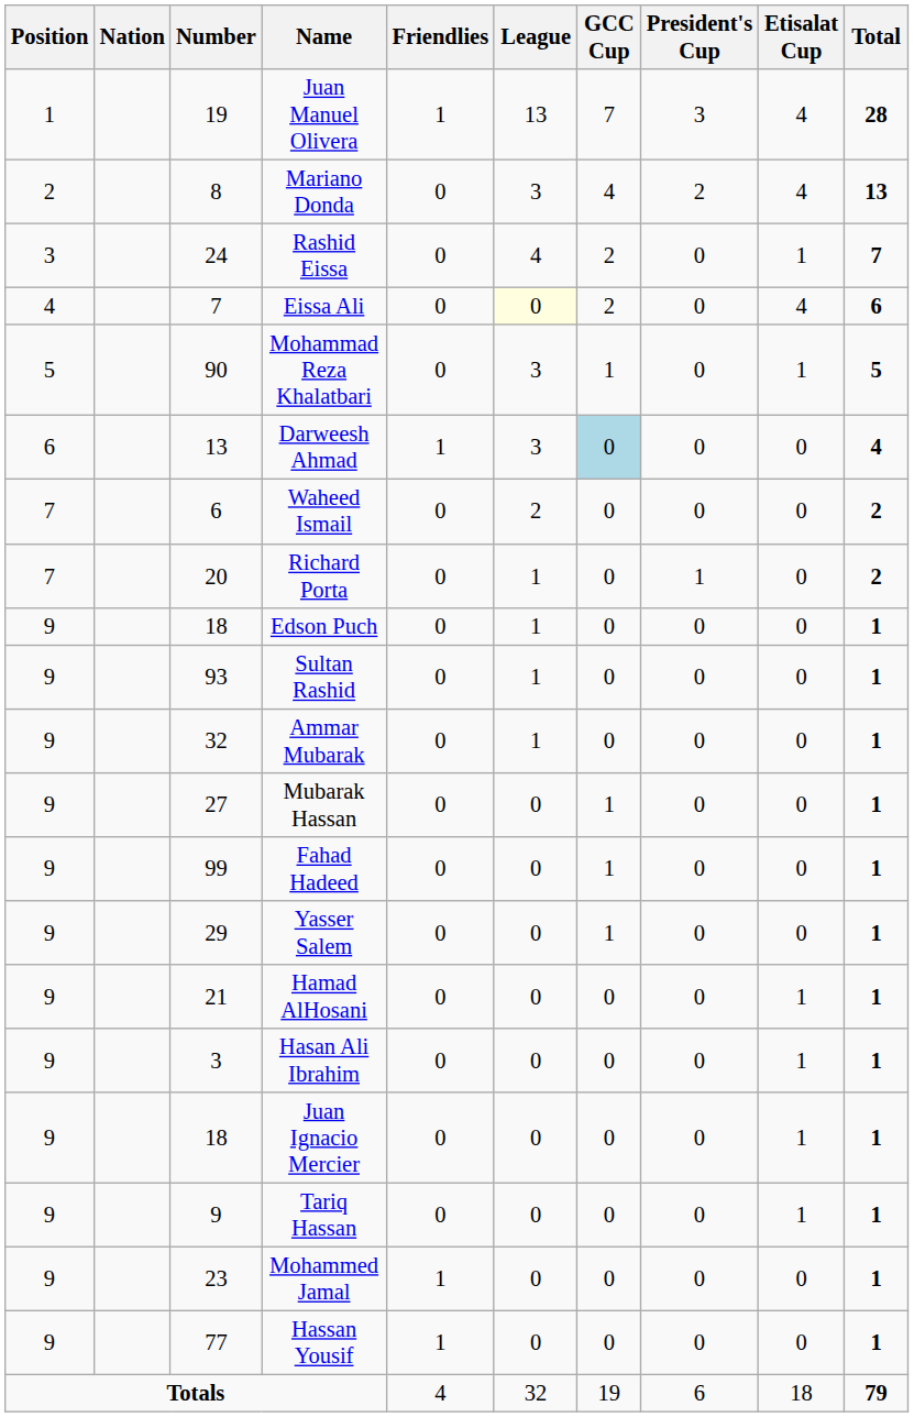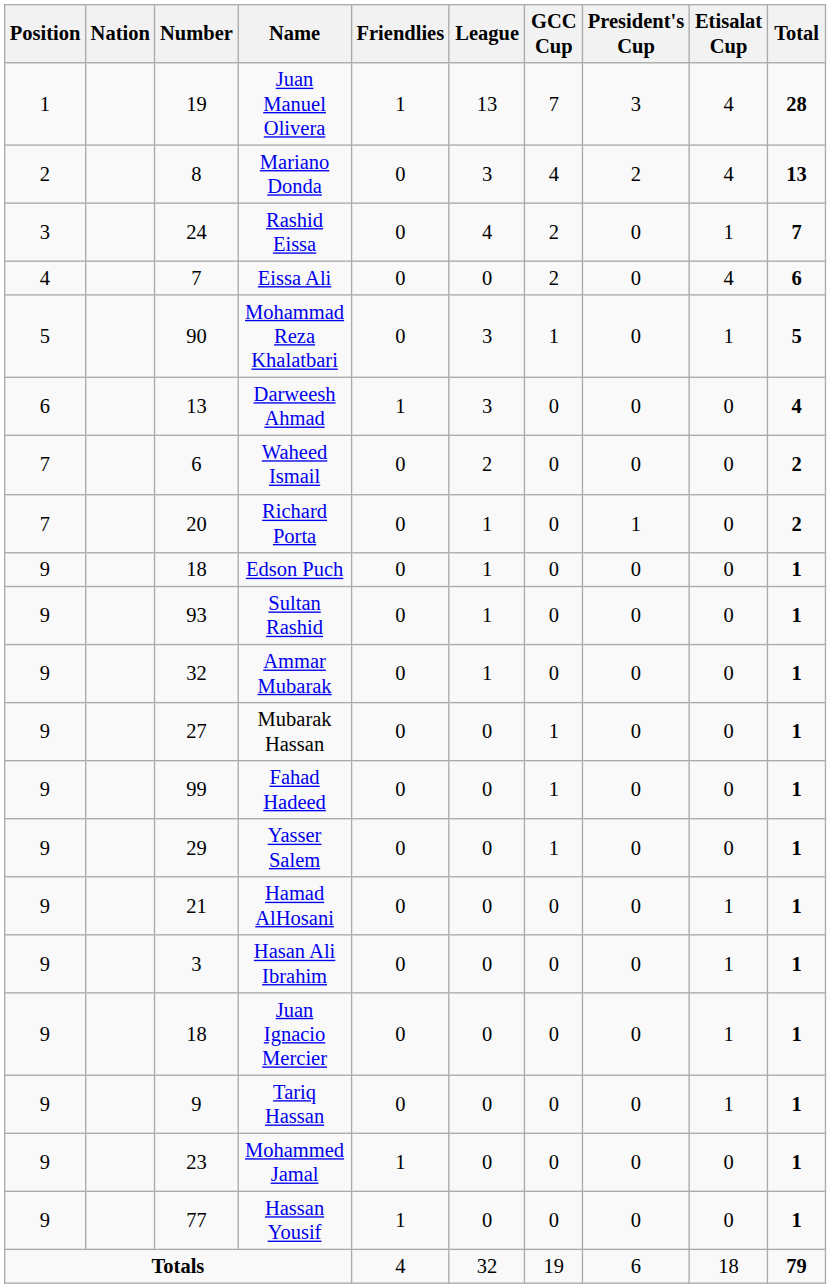 <table class="wikitable" style="font-size: 95%; text-align: center;">
 <tr>
 <th width=60>Position</th>
 <th width=60>Nation</th>
 <th width=60>Number</th>
 <th width=150>Name</th>
 <th width=80>Friendlies</th>
 <th width=80>League</th>
 <th width=80>GCC Cup</th>
 <th width=80>President's Cup</th>
 <th width=80>Etisalat Cup</th>
 <th width=80>Total</th>
 </tr>
 <tr>
 <td>1</td>
 <td></td>
 <td>19</td>
 <td><a href='#'>Juan Manuel Olivera</a></td>
 <td>1</td>
 <td>13</td>
 <td>7</td>
 <td>3</td>
 <td>4</td>
 <td><strong>28</strong></td>
 </tr>
 <tr>
 <td>2</td>
 <td></td>
 <td>8</td>
 <td><a href='#'>Mariano Donda</a></td>
 <td>0</td>
 <td>3</td>
 <td>4</td>
 <td>2</td>
 <td>4</td>
 <td><strong>13</strong></td>
 </tr>
 <tr>
 <td>3</td>
 <td></td>
 <td>24</td>
 <td><a href='#'>Rashid Eissa</a></td>
 <td>0</td>
 <td>4</td>
 <td>2</td>
 <td>0</td>
 <td>1</td>
 <td><strong>7</strong></td>
 </tr>
 <tr>
 <td>4</td>
 <td></td>
 <td>7</td>
 <td><a href='#'>Eissa Ali</a></td>
 <td>0</td>
-<td style="background: lightyellow;">0</td>
+<td>0</td>
 <td>2</td>
 <td>0</td>
 <td>4</td>
 <td><strong>6</strong></td>
 </tr>
 <tr>
 <td>5</td>
 <td></td>
 <td>90</td>
 <td><a href='#'>Mohammad Reza Khalatbari</a></td>
 <td>0</td>
 <td>3</td>
 <td>1</td>
 <td>0</td>
 <td>1</td>
 <td><strong>5</strong></td>
 </tr>
 <tr>
 <td>6</td>
 <td></td>
 <td>13</td>
 <td><a href='#'>Darweesh Ahmad</a></td>
 <td>1</td>
 <td>3</td>
-<td style="background: lightblue;">0</td>
+<td>0</td>
 <td>0</td>
 <td>0</td>
 <td><strong>4</strong></td>
 </tr>
 <tr>
 <td>7</td>
 <td></td>
 <td>6</td>
 <td><a href='#'>Waheed Ismail</a></td>
 <td>0</td>
 <td>2</td>
 <td>0</td>
 <td>0</td>
 <td>0</td>
 <td><strong>2</strong></td>
 </tr>
 <tr>
 <td>7</td>
 <td></td>
 <td>20</td>
 <td><a href='#'>Richard Porta</a></td>
 <td>0</td>
 <td>1</td>
 <td>0</td>
 <td>1</td>
 <td>0</td>
 <td><strong>2</strong></td>
 </tr>
 <tr>
 <td>9</td>
 <td></td>
 <td>18</td>
 <td><a href='#'>Edson Puch</a></td>
 <td>0</td>
 <td>1</td>
 <td>0</td>
 <td>0</td>
 <td>0</td>
 <td><strong>1</strong></td>
 </tr>
 <tr>
 <td>9</td>
 <td></td>
 <td>93</td>
 <td><a href='#'>Sultan Rashid</a></td>
 <td>0</td>
 <td>1</td>
 <td>0</td>
 <td>0</td>
 <td>0</td>
 <td><strong>1</strong></td>
 </tr>
 <tr>
 <td>9</td>
 <td></td>
 <td>32</td>
 <td><a href='#'>Ammar Mubarak</a></td>
 <td>0</td>
 <td>1</td>
 <td>0</td>
 <td>0</td>
 <td>0</td>
 <td><strong>1</strong></td>
 </tr>
 <tr>
 <td>9</td>
 <td></td>
 <td>27</td>
 <td>Mubarak Hassan</td>
 <td>0</td>
 <td>0</td>
 <td>1</td>
 <td>0</td>
 <td>0</td>
 <td><strong>1</strong></td>
 </tr>
 <tr>
 <td>9</td>
 <td></td>
 <td>99</td>
 <td><a href='#'>Fahad Hadeed</a></td>
 <td>0</td>
 <td>0</td>
 <td>1</td>
 <td>0</td>
 <td>0</td>
 <td><strong>1</strong></td>
 </tr>
 <tr>
 <td>9</td>
 <td></td>
 <td>29</td>
 <td><a href='#'>Yasser Salem</a></td>
 <td>0</td>
 <td>0</td>
 <td>1</td>
 <td>0</td>
 <td>0</td>
 <td><strong>1</strong></td>
 </tr>
 <tr>
 <td>9</td>
 <td></td>
 <td>21</td>
 <td><a href='#'>Hamad AlHosani</a></td>
 <td>0</td>
 <td>0</td>
 <td>0</td>
 <td>0</td>
 <td>1</td>
 <td><strong>1</strong></td>
 </tr>
 <tr>
 <td>9</td>
 <td></td>
 <td>3</td>
 <td><a href='#'>Hasan Ali Ibrahim</a></td>
 <td>0</td>
 <td>0</td>
 <td>0</td>
 <td>0</td>
 <td>1</td>
 <td><strong>1</strong></td>
 </tr>
 <tr>
 <td>9</td>
 <td></td>
 <td>18</td>
 <td><a href='#'>Juan Ignacio Mercier</a></td>
 <td>0</td>
 <td>0</td>
 <td>0</td>
 <td>0</td>
 <td>1</td>
 <td><strong>1</strong></td>
 </tr>
 <tr>
 <td>9</td>
 <td></td>
 <td>9</td>
 <td><a href='#'>Tariq Hassan</a></td>
 <td>0</td>
 <td>0</td>
 <td>0</td>
 <td>0</td>
 <td>1</td>
 <td><strong>1</strong></td>
 </tr>
 <tr>
 <td>9</td>
 <td></td>
 <td>23</td>
 <td><a href='#'>Mohammed Jamal</a></td>
 <td>1</td>
 <td>0</td>
 <td>0</td>
 <td>0</td>
 <td>0</td>
 <td><strong>1</strong></td>
 </tr>
 <tr>
 <td>9</td>
 <td></td>
 <td>77</td>
 <td><a href='#'>Hassan Yousif</a></td>
 <td>1</td>
 <td>0</td>
 <td>0</td>
 <td>0</td>
 <td>0</td>
 <td><strong>1</strong></td>
 </tr>
 <tr>
 <td colspan="4"><strong>Totals</strong></td>
 <td>4</td>
 <td>32</td>
 <td>19</td>
 <td>6</td>
 <td>18</td>
 <td><strong>79</strong></td>
 </tr>
 </table>
